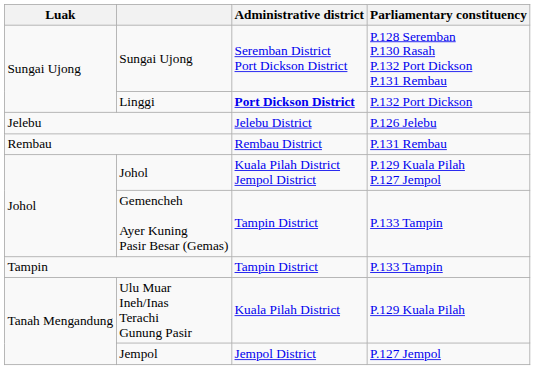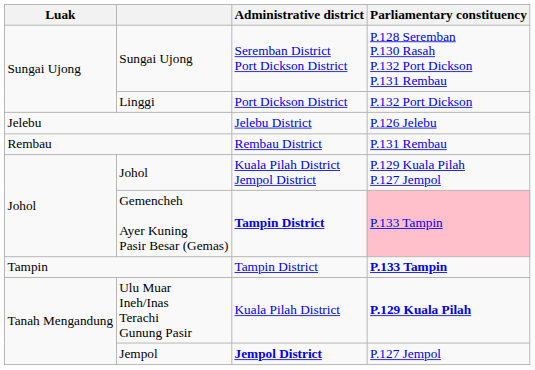 <table class="wikitable">
 <tr>
 <th>Luak</th>
 <th></th>
 <th>Administrative district</th>
 <th>Parliamentary constituency</th>
 </tr>
 <tr>
 <td rowspan="2">Sungai Ujong</td>
 <td>Sungai Ujong</td>
 <td><a href='#'>Seremban District</a><br><a href='#'>Port Dickson District</a></td>
 <td><a href='#'>P.128 Seremban</a><br><a href='#'>P.130 Rasah</a><br><a href='#'>P.132 Port Dickson</a><br><a href='#'>P.131 Rembau</a></td>
 </tr>
 <tr>
 <td>Linggi</td>
-<td><strong><a href='#'>Port Dickson District</a></strong></td>
+<td><a href='#'>Port Dickson District</a></td>
 <td><a href='#'>P.132 Port Dickson</a></td>
 </tr>
 <tr>
 <td colspan="2">Jelebu</td>
 <td><a href='#'>Jelebu District</a></td>
 <td><a href='#'>P.126 Jelebu</a></td>
 </tr>
 <tr>
 <td colspan="2">Rembau</td>
 <td><a href='#'>Rembau District</a></td>
 <td><a href='#'>P.131 Rembau</a></td>
 </tr>
 <tr>
 <td rowspan="2">Johol</td>
 <td>Johol</td>
 <td><a href='#'>Kuala Pilah District</a><br><a href='#'>Jempol District</a></td>
 <td><a href='#'>P.129 Kuala Pilah</a><br><a href='#'>P.127 Jempol</a></td>
 </tr>
 <tr>
 <td>Gemencheh<br><br>Ayer Kuning<br> Pasir Besar (Gemas)<br></td>
-<td><a href='#'>Tampin District</a></td>
-<td><a href='#'>P.133 Tampin</a></td>
+<td><strong><a href='#'>Tampin District</a></strong></td>
+<td style="background: pink;"><a href='#'>P.133 Tampin</a></td>
 </tr>
 <tr>
 <td colspan="2">Tampin</td>
 <td><a href='#'>Tampin District</a></td>
-<td><a href='#'>P.133 Tampin</a></td>
+<td><strong><a href='#'>P.133 Tampin</a></strong></td>
 </tr>
 <tr>
 <td rowspan="2">Tanah Mengandung</td>
 <td>Ulu Muar<br>Ineh/Inas<br> Terachi<br> Gunung Pasir<br></td>
 <td><a href='#'>Kuala Pilah District</a></td>
-<td><a href='#'>P.129 Kuala Pilah</a></td>
+<td><strong><a href='#'>P.129 Kuala Pilah</a></strong></td>
 </tr>
 <tr>
 <td>Jempol</td>
-<td><a href='#'>Jempol District</a></td>
+<td><strong><a href='#'>Jempol District</a></strong></td>
 <td><a href='#'>P.127 Jempol</a></td>
 </tr>
 </table>
